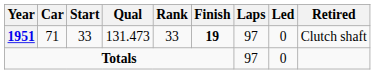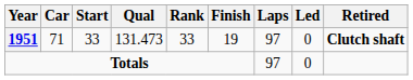 <table class="wikitable" style="text-align:center">
 <tr>
 <th>Year</th>
 <th>Car</th>
 <th>Start</th>
 <th>Qual</th>
 <th>Rank</th>
 <th>Finish</th>
 <th>Laps</th>
 <th>Led</th>
 <th>Retired</th>
 </tr>
 <tr>
 <th><a href='#'>1951</a></th>
 <td>71</td>
 <td>33</td>
 <td>131.473</td>
 <td>33</td>
-<td><strong>19</strong></td>
+<td>19</td>
 <td>97</td>
 <td>0</td>
-<td>Clutch shaft</td>
+<td><strong>Clutch shaft</strong></td>
 </tr>
 <tr>
 <td colspan=6><strong>Totals</strong></td>
 <td>97</td>
 <td>0</td>
 <td></td>
 </tr>
 </table>
